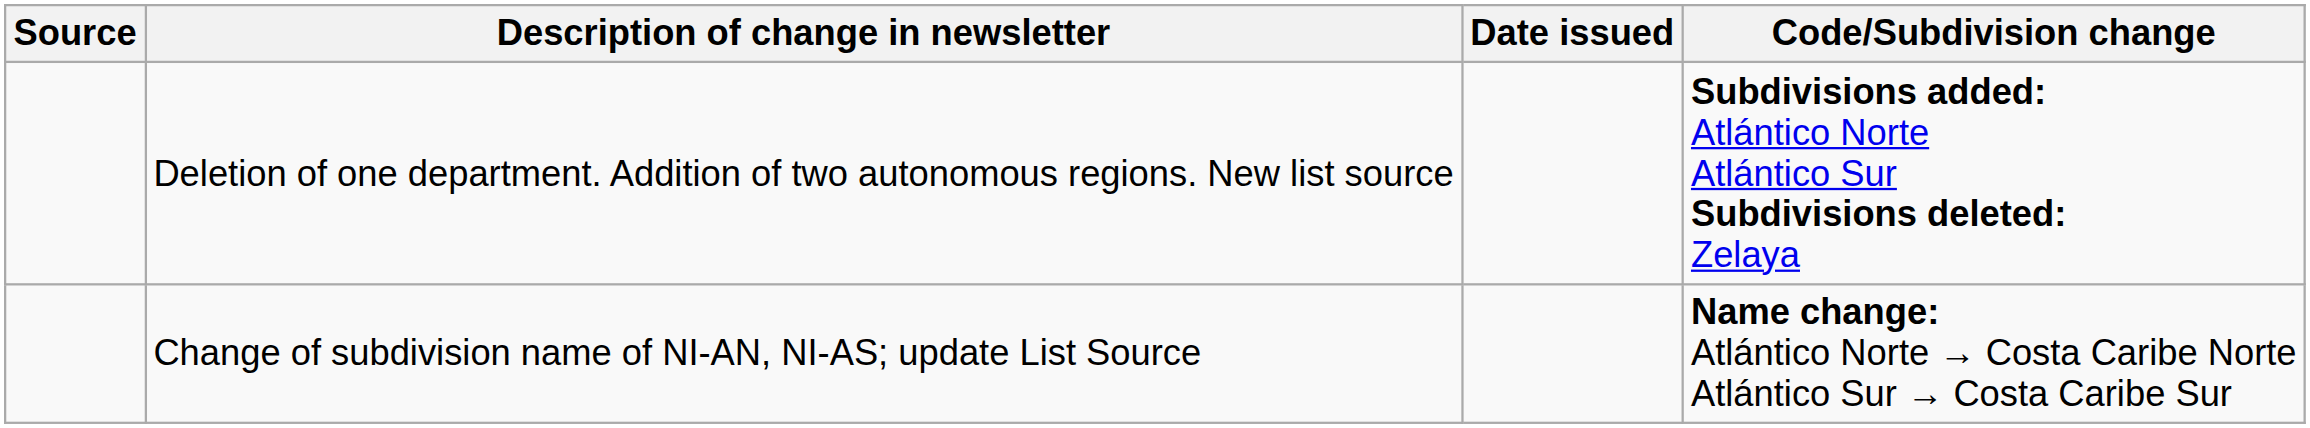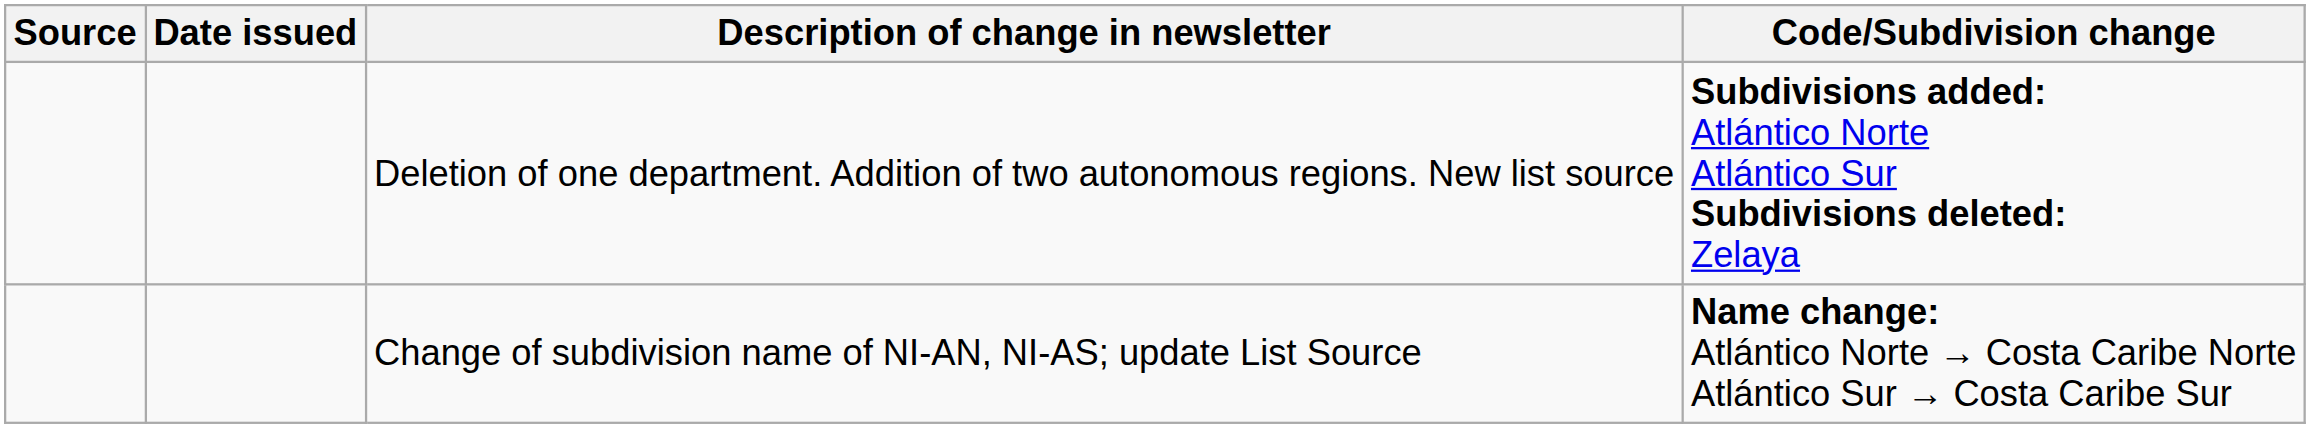 <table class="wikitable">
 <tr>
 <th>Source</th>
+<th>Date issued</th>
 <th>Description of change in newsletter</th>
-<th>Date issued</th>
 <th>Code/Subdivision change</th>
 </tr>
 <tr>
 <td id="I-2"></td>
+<td></td>
 <td>Deletion of one department. Addition of two autonomous regions. New list source</td>
-<td></td>
 <td style=white-space:nowrap><strong>Subdivisions added:</strong><br>  <a href='#'>Atlántico Norte</a><br>  <a href='#'>Atlántico Sur</a><br> <strong>Subdivisions deleted:</strong><br>  <a href='#'>Zelaya</a></td>
 </tr>
 <tr>
 <td></td>
+<td></td>
 <td>Change of subdivision name of NI-AN, NI-AS; update List Source</td>
-<td></td>
 <td><strong>Name change:</strong><br> Atlántico Norte → Costa Caribe Norte <br> Atlántico Sur → Costa Caribe Sur</td>
 </tr>
 </table>
